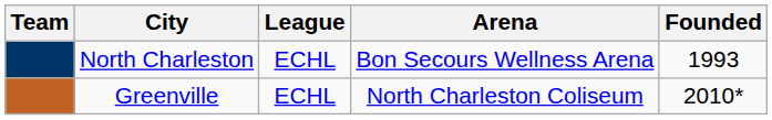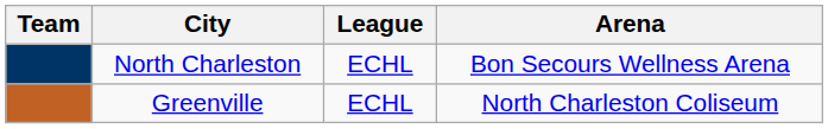 <table class="wikitable sortable" width="60%">
 <tr>
 <th>Team</th>
 <th>City</th>
 <th>League</th>
 <th>Arena</th>
-<th>Founded</th>
 </tr>
 <tr align=center>
 <td style="color:white; background:#003466; "><strong><a href='#'></a></strong></td>
 <td><a href='#'>North Charleston</a></td>
 <td><a href='#'>ECHL</a></td>
 <td><a href='#'>Bon Secours Wellness Arena</a></td>
-<td>1993</td>
 </tr>
 <tr align=center>
 <td style="color:white; background:#c16123; "><strong><a href='#'></a></strong></td>
 <td><a href='#'>Greenville</a></td>
 <td><a href='#'>ECHL</a></td>
 <td><a href='#'>North Charleston Coliseum</a></td>
-<td>2010*</td>
 </tr>
 </table>
